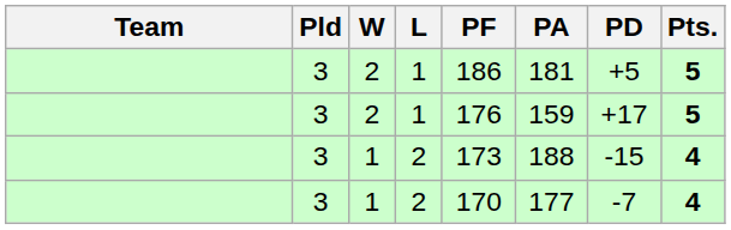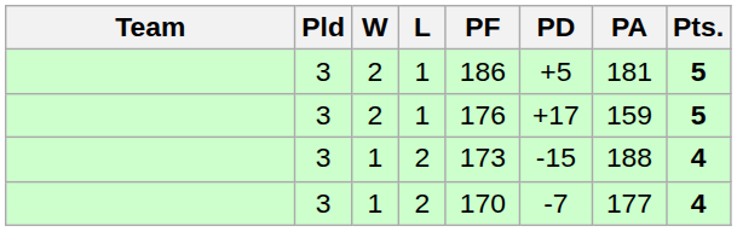 <table class=wikitable style="text-align:center">
 <tr>
 <th width=160>Team</th>
 <th width=20>Pld</th>
 <th width=20>W</th>
 <th width=20>L</th>
 <th width=35>PF</th>
+<th width=35>PD</th>
 <th width=35>PA</th>
-<th width=35>PD</th>
 <th width=30>Pts.</th>
 </tr>
 <tr align="center" bgcolor="#CCFFCC">
 <td align=left></td>
 <td>3</td>
 <td>2</td>
 <td>1</td>
 <td>186</td>
+<td>+5</td>
 <td>181</td>
-<td>+5</td>
 <td><strong>5</strong></td>
 </tr>
 <tr align="center" bgcolor="#CCFFCC">
 <td align=left></td>
 <td>3</td>
 <td>2</td>
 <td>1</td>
 <td>176</td>
+<td>+17</td>
 <td>159</td>
-<td>+17</td>
 <td><strong>5</strong></td>
 </tr>
 <tr align="center" bgcolor="#CCFFCC">
 <td align=left></td>
 <td>3</td>
 <td>1</td>
 <td>2</td>
 <td>173</td>
+<td>-15</td>
 <td>188</td>
-<td>-15</td>
 <td><strong>4</strong></td>
 </tr>
 <tr align="center" bgcolor="#CCFFCC">
 <td align=left></td>
 <td>3</td>
 <td>1</td>
 <td>2</td>
 <td>170</td>
+<td>-7</td>
 <td>177</td>
-<td>-7</td>
 <td><strong>4</strong></td>
 </tr>
 </table>
